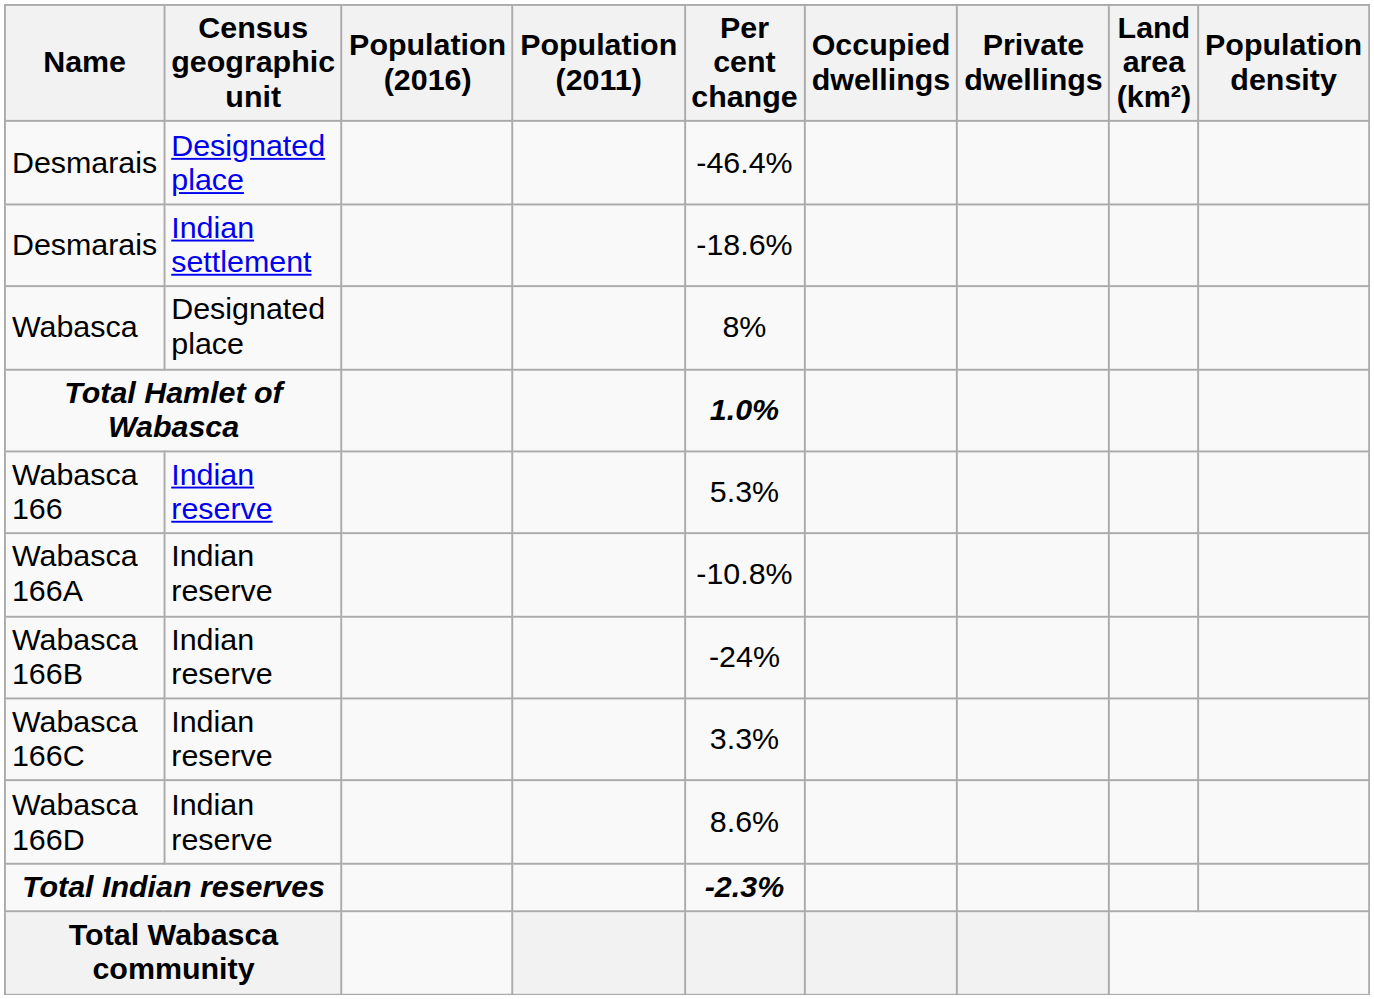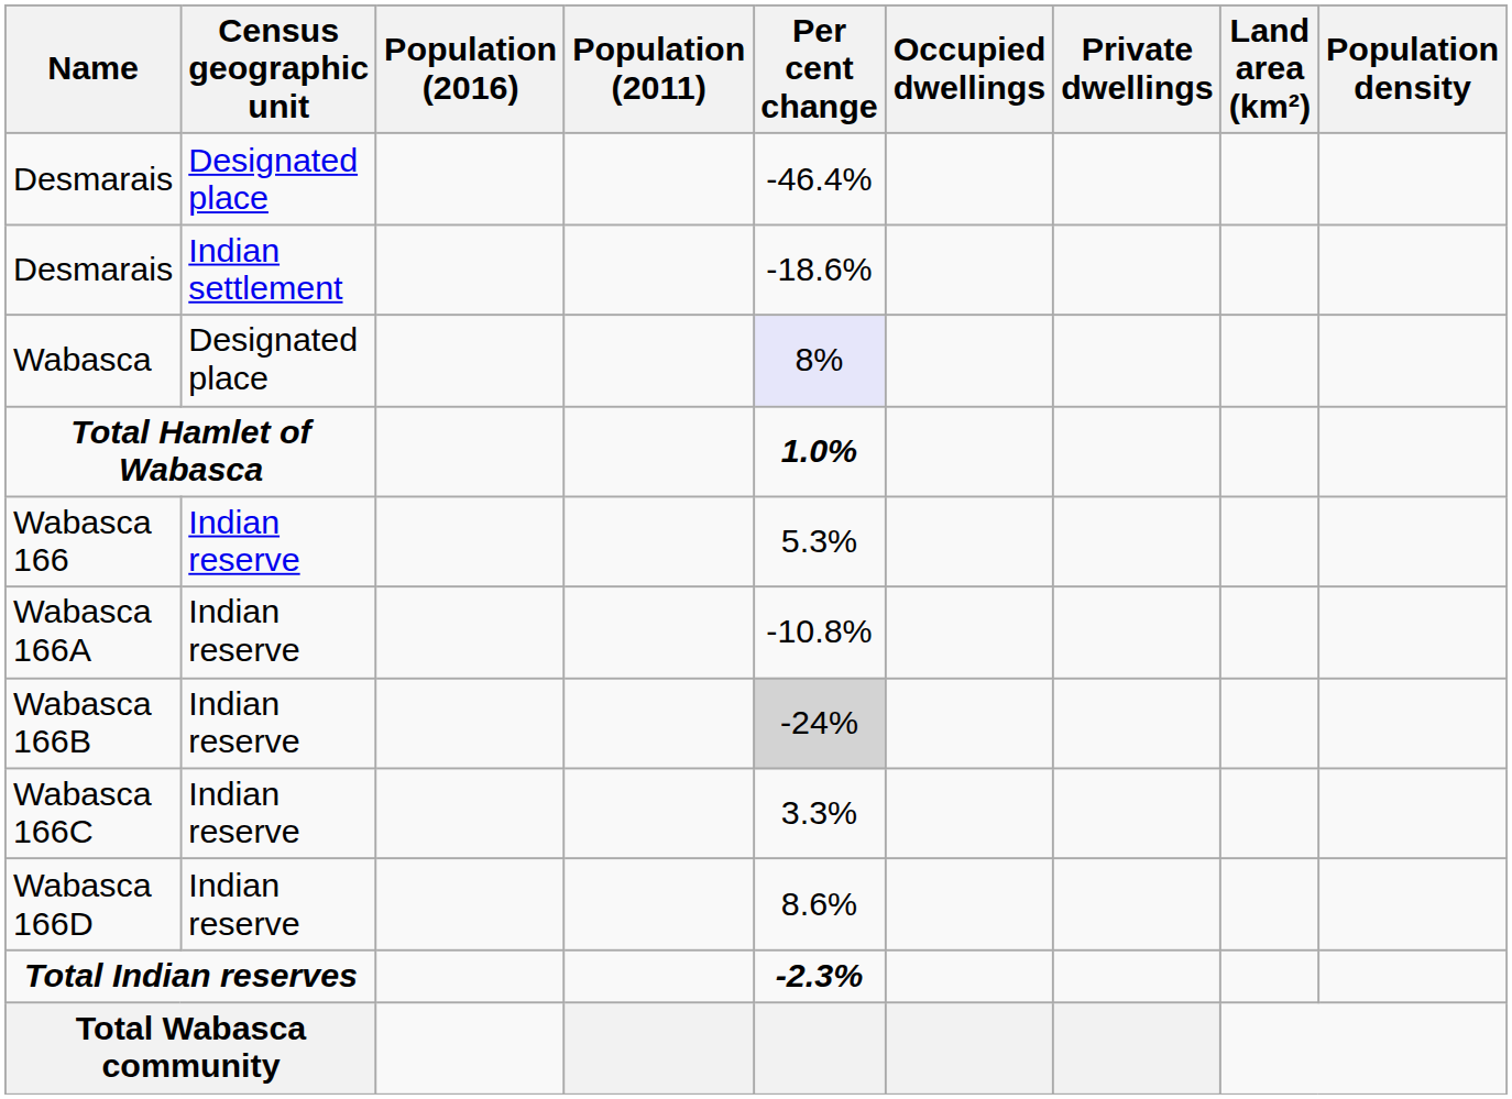 <table class="wikitable">
 <tr>
 <th>Name</th>
 <th>Census<br>geographic<br>unit</th>
 <th>Population<br>(2016)</th>
 <th>Population<br>(2011)</th>
 <th>Per cent<br>change</th>
 <th>Occupied<br>dwellings</th>
 <th>Private<br>dwellings</th>
 <th>Land<br>area<br>(km²)</th>
 <th>Population<br>density</th>
 </tr>
 <tr>
 <td>Desmarais</td>
 <td><a href='#'>Designated place</a></td>
 <td align=center></td>
 <td align=center></td>
 <td align=center>-46.4%</td>
 <td align=center></td>
 <td align=center></td>
 <td align=center></td>
 <td align=center></td>
 </tr>
 <tr>
 <td>Desmarais</td>
 <td><a href='#'>Indian settlement</a></td>
 <td align=center></td>
 <td align=center></td>
 <td align=center>-18.6%</td>
 <td align=center></td>
 <td align=center></td>
 <td align=center></td>
 <td align=center></td>
 </tr>
 <tr>
 <td>Wabasca</td>
 <td>Designated place</td>
 <td align=center></td>
 <td align=center></td>
-<td align=center>8%</td>
+<td align=center style="background: lavender;">8%</td>
 <td align=center></td>
 <td align=center></td>
 <td align=center></td>
 <td align=center></td>
 </tr>
 <tr>
 <td colspan=2 align=center><strong><em>Total Hamlet of Wabasca</em></strong></td>
 <td align=center><strong><em></em></strong></td>
 <td align=center><strong><em></em></strong></td>
 <td align=center><strong><em>1.0%</em></strong></td>
 <td align=center><strong><em></em></strong></td>
 <td align=center><strong><em></em></strong></td>
 <td align=center><strong><em></em></strong></td>
 <td align=center><strong><em></em></strong></td>
 </tr>
 <tr>
 <td>Wabasca 166</td>
 <td><a href='#'>Indian reserve</a></td>
 <td align=center></td>
 <td align=center></td>
 <td align=center>5.3%</td>
 <td align=center></td>
 <td align=center></td>
 <td align=center></td>
 <td align=center></td>
 </tr>
 <tr>
 <td>Wabasca 166A</td>
 <td>Indian reserve</td>
 <td align=center></td>
 <td align=center></td>
 <td align=center>-10.8%</td>
 <td align=center></td>
 <td align=center></td>
 <td align=center></td>
 <td align=center></td>
 </tr>
 <tr>
 <td>Wabasca 166B</td>
 <td>Indian reserve</td>
 <td align=center></td>
 <td align=center></td>
-<td align=center>-24%</td>
+<td align=center style="background: lightgrey;">-24%</td>
 <td align=center></td>
 <td align=center></td>
 <td align=center></td>
 <td align=center></td>
 </tr>
 <tr>
 <td>Wabasca 166C</td>
 <td>Indian reserve</td>
 <td align=center></td>
 <td align=center></td>
 <td align=center>3.3%</td>
 <td align=center></td>
 <td align=center></td>
 <td align=center></td>
 <td align=center></td>
 </tr>
 <tr>
 <td>Wabasca 166D</td>
 <td>Indian reserve</td>
 <td align=center></td>
 <td align=center></td>
 <td align=center>8.6%</td>
 <td align=center></td>
 <td align=center></td>
 <td align=center></td>
 <td align=center></td>
 </tr>
 <tr>
 <td colspan=2 align=center><strong><em>Total Indian reserves</em></strong></td>
 <td align=center><strong><em></em></strong></td>
 <td align=center><strong><em></em></strong></td>
 <td align=center><strong><em>-2.3%</em></strong></td>
 <td align=center><strong><em></em></strong></td>
 <td align=center><strong><em></em></strong></td>
 <td align=center><strong><em></em></strong></td>
 <td align=center><strong><em></em></strong></td>
 </tr>
 <tr class="sortbottom" align="center">
 <th scope="col" colspan=2 align="center">Total Wabasca community</th>
 <td></td>
 <th scope="col" align="center"></th>
 <th scope="col" align="center"></th>
 <th scope="col" align="center"></th>
 <th scope="col" align="center"></th>
 </tr>
 <tr>
 </tr>
 </table>
